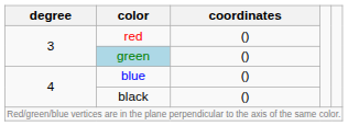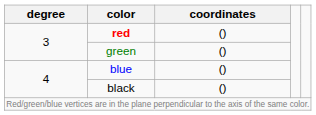 <table class="wikitable" style="text-align: center; float: left; margin-right: 20px;">
 <tr>
 <th>degree</th>
 <th>color</th>
 <th>coordinates</th>
 <td rowspan="5"></td>
 <td rowspan="5"></td>
 </tr>
 <tr>
 <td rowspan="2">3</td>
-<td style="color: red;">red</td>
+<td style="color: red;"><strong>red</strong></td>
 <td>()</td>
 </tr>
 <tr>
-<td style="background: lightblue; color: green;">green</td>
+<td style="color: green;">green</td>
 <td>()</td>
 </tr>
 <tr>
 <td rowspan="2">4</td>
 <td style="color: blue;">blue</td>
 <td>()</td>
 </tr>
 <tr>
 <td>black</td>
 <td>()</td>
 </tr>
 <tr>
 <td colspan="5" style="font-size: 70%; color: gray;">Red/green/blue vertices are in the plane perpendicular to the axis of the same color.</td>
 </tr>
 </table>
